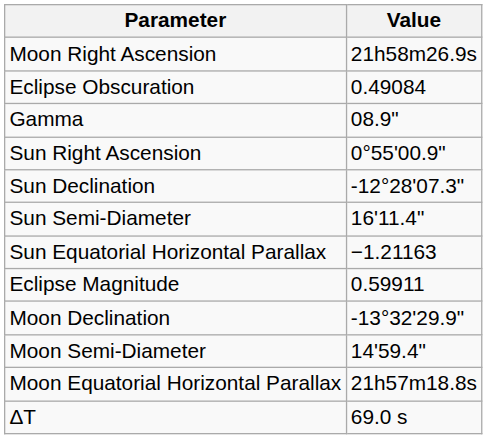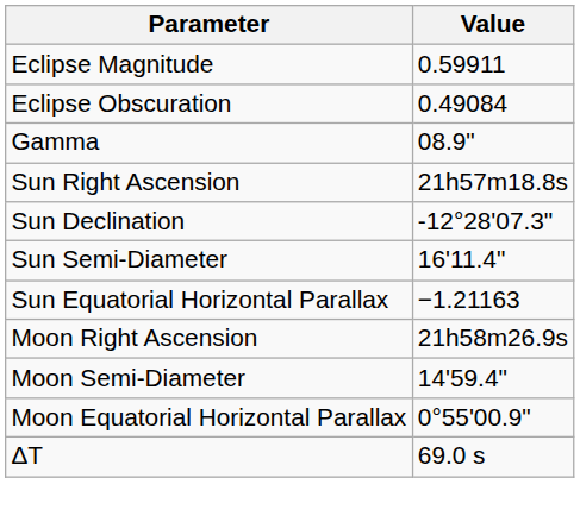 <table class="wikitable">
 <tr>
 <th>Parameter</th>
 <th>Value</th>
 </tr>
 <tr>
-<td>Moon Right Ascension</td>
-<td>21h58m26.9s</td>
+<td>Eclipse Magnitude</td>
+<td>0.59911</td>
 </tr>
 <tr>
 <td>Eclipse Obscuration</td>
 <td>0.49084</td>
 </tr>
 <tr>
 <td>Gamma</td>
 <td>08.9"</td>
 </tr>
 <tr>
 <td>Sun Right Ascension</td>
-<td>0°55'00.9"</td>
+<td>21h57m18.8s</td>
 </tr>
 <tr>
 <td>Sun Declination</td>
 <td>-12°28'07.3"</td>
 </tr>
 <tr>
 <td>Sun Semi-Diameter</td>
 <td>16'11.4"</td>
 </tr>
 <tr>
 <td>Sun Equatorial Horizontal Parallax</td>
 <td>−1.21163</td>
 </tr>
 <tr>
-<td>Eclipse Magnitude</td>
-<td>0.59911</td>
-</tr>
-<tr>
-<td>Moon Declination</td>
-<td>-13°32'29.9"</td>
+<td>Moon Right Ascension</td>
+<td>21h58m26.9s</td>
 </tr>
 <tr>
 <td>Moon Semi-Diameter</td>
 <td>14'59.4"</td>
 </tr>
 <tr>
 <td>Moon Equatorial Horizontal Parallax</td>
-<td>21h57m18.8s</td>
+<td>0°55'00.9"</td>
 </tr>
 <tr>
 <td>ΔT</td>
 <td>69.0 s</td>
 </tr>
 </table>
